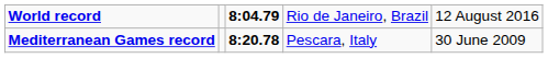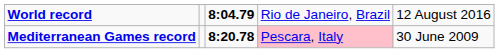 <table class="wikitable">
 <tr>
 <td><strong><a href='#'>World record</a></strong></td>
 <td></td>
 <td><strong>8:04.79</strong></td>
 <td><a href='#'>Rio de Janeiro</a>, <a href='#'>Brazil</a></td>
 <td>12 August 2016</td>
 </tr>
 <tr>
 <td><strong><a href='#'>Mediterranean Games record</a></strong></td>
 <td></td>
 <td><strong>8:20.78</strong></td>
-<td><a href='#'>Pescara</a>, <a href='#'>Italy</a></td>
+<td style="background: pink;"><a href='#'>Pescara</a>, <a href='#'>Italy</a></td>
 <td>30 June 2009</td>
 </tr>
 </table>
